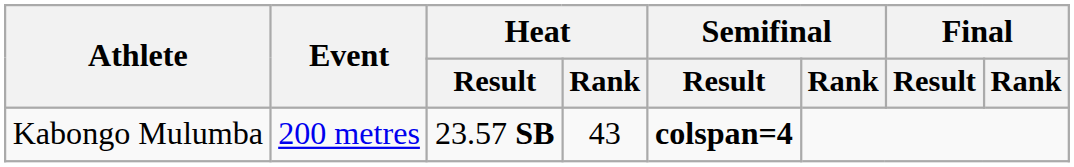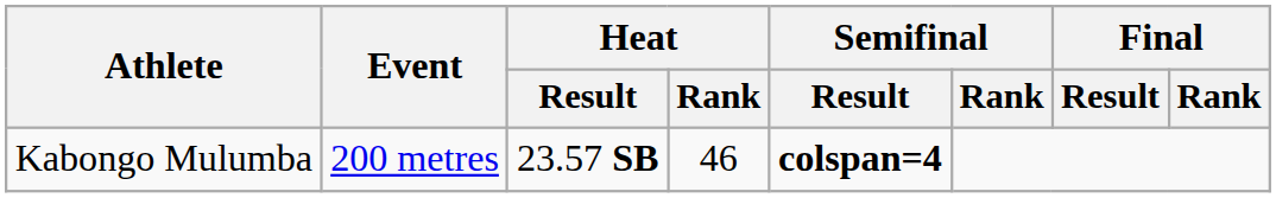 <table class="wikitable" style="font-size:90%">
 <tr>
 <th rowspan="2">Athlete</th>
 <th rowspan="2">Event</th>
 <th colspan="2">Heat</th>
 <th colspan="2">Semifinal</th>
 <th colspan="2">Final</th>
 </tr>
 <tr style="font-size:95%">
 <th>Result</th>
 <th>Rank</th>
 <th>Result</th>
 <th>Rank</th>
 <th>Result</th>
 <th>Rank</th>
 </tr>
 <tr style=text-align:center>
 <td style=text-align:left>Kabongo Mulumba</td>
 <td style=text-align:left rowspan=1><a href='#'>200 metres</a></td>
 <td>23.57 <strong>SB</strong></td>
-<td>43</td>
+<td>46</td>
 <td><strong>colspan=4 </strong></td>
 </tr>
 </table>
